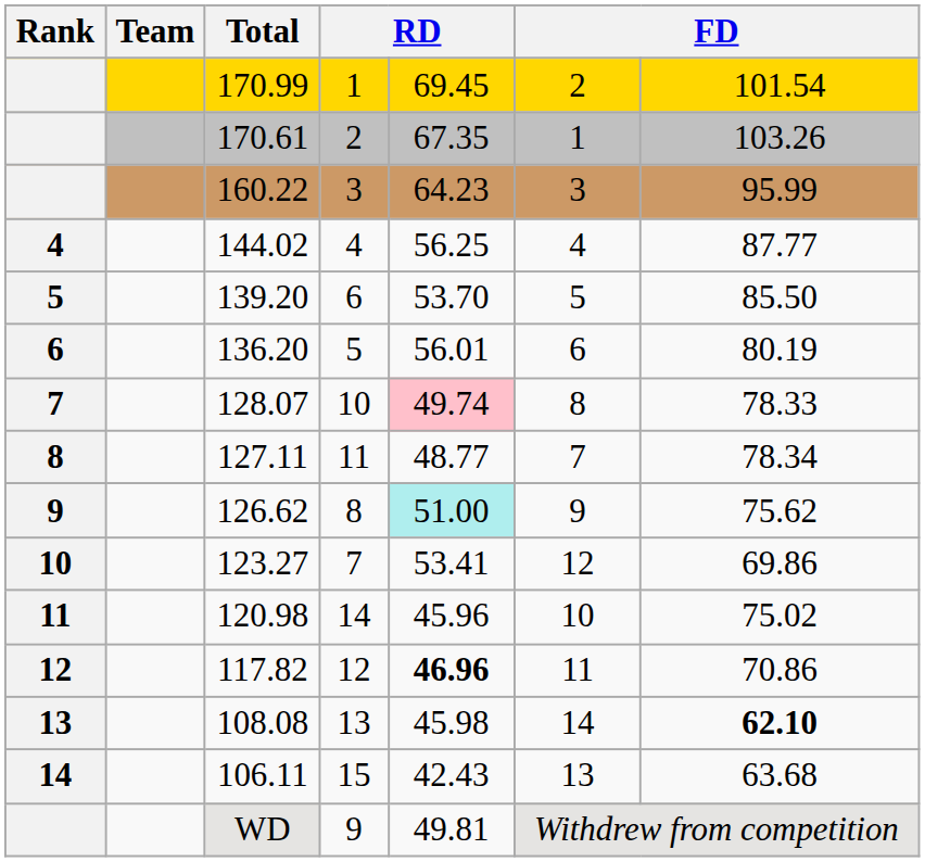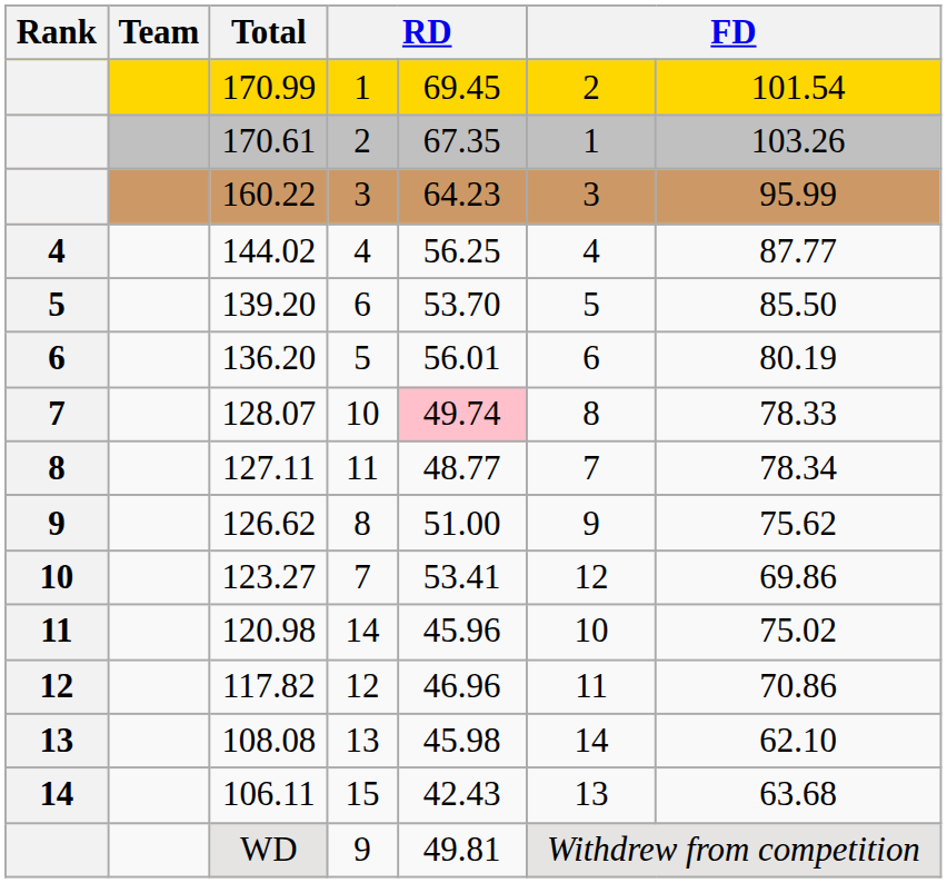 <table class="wikitable sortable" style="text-align:center; width:70%">
 <tr>
 <th scope="col">Rank</th>
 <th scope="col">Team</th>
 <th scope="col">Total</th>
 <th scope="col" colspan="2" width="80px"><a href='#'>RD</a></th>
 <th scope="col" colspan="2" width="80px"><a href='#'>FD</a></th>
 </tr>
 <tr bgcolor="gold">
 <th scope="row"></th>
 <td align="left"></td>
 <td>170.99</td>
 <td>1</td>
 <td>69.45</td>
 <td>2</td>
 <td>101.54</td>
 </tr>
 <tr bgcolor="silver">
 <th scope="row"></th>
 <td align="left"></td>
 <td>170.61</td>
 <td>2</td>
 <td>67.35</td>
 <td>1</td>
 <td>103.26</td>
 </tr>
 <tr bgcolor="cc9966">
 <th scope="row"></th>
 <td align="left"></td>
 <td>160.22</td>
 <td>3</td>
 <td>64.23</td>
 <td>3</td>
 <td>95.99</td>
 </tr>
 <tr>
 <th scope="row">4</th>
 <td align="left"></td>
 <td>144.02</td>
 <td>4</td>
 <td>56.25</td>
 <td>4</td>
 <td>87.77</td>
 </tr>
 <tr>
 <th scope="row">5</th>
 <td align="left"></td>
 <td>139.20</td>
 <td>6</td>
 <td>53.70</td>
 <td>5</td>
 <td>85.50</td>
 </tr>
 <tr>
 <th scope="row">6</th>
 <td align="left"></td>
 <td>136.20</td>
 <td>5</td>
 <td>56.01</td>
 <td>6</td>
 <td>80.19</td>
 </tr>
 <tr>
 <th scope="row">7</th>
 <td align="left"></td>
 <td>128.07</td>
 <td>10</td>
 <td style="background: pink;">49.74</td>
 <td>8</td>
 <td>78.33</td>
 </tr>
 <tr>
 <th scope="row">8</th>
 <td align="left"></td>
 <td>127.11</td>
 <td>11</td>
 <td>48.77</td>
 <td>7</td>
 <td>78.34</td>
 </tr>
 <tr>
 <th scope="row">9</th>
 <td align="left"></td>
 <td>126.62</td>
 <td>8</td>
-<td style="background: paleturquoise;">51.00</td>
+<td>51.00</td>
 <td>9</td>
 <td>75.62</td>
 </tr>
 <tr>
 <th scope="row">10</th>
 <td align="left"></td>
 <td>123.27</td>
 <td>7</td>
 <td>53.41</td>
 <td>12</td>
 <td>69.86</td>
 </tr>
 <tr>
 <th scope="row">11</th>
 <td align="left"></td>
 <td>120.98</td>
 <td>14</td>
 <td>45.96</td>
 <td>10</td>
 <td>75.02</td>
 </tr>
 <tr>
 <th scope="row">12</th>
 <td align="left"></td>
 <td>117.82</td>
 <td>12</td>
-<td><strong>46.96</strong></td>
+<td>46.96</td>
 <td>11</td>
 <td>70.86</td>
 </tr>
 <tr>
 <th scope="row">13</th>
 <td align="left"></td>
 <td>108.08</td>
 <td>13</td>
 <td>45.98</td>
 <td>14</td>
-<td><strong>62.10</strong></td>
+<td>62.10</td>
 </tr>
 <tr>
 <th scope="row">14</th>
 <td align="left"></td>
 <td>106.11</td>
 <td>15</td>
 <td>42.43</td>
 <td>13</td>
 <td>63.68</td>
 </tr>
 <tr>
 <th scope="row"></th>
 <td align="left"></td>
 <td bgcolor="e5e4e2">WD</td>
 <td>9</td>
 <td>49.81</td>
 <td colspan=2 bgcolor="e5e4e2"><em>Withdrew from competition</em></td>
 </tr>
 </table>
